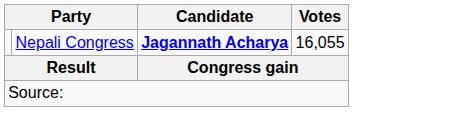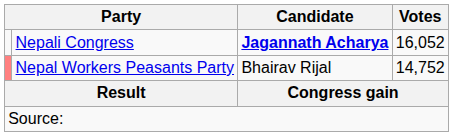 <table class="wikitable">
 <tr>
 <th colspan="2">Party</th>
 <th>Candidate</th>
 <th>Votes</th>
 </tr>
 <tr>
 <td style="background-color:"></td>
 <td><a href='#'>Nepali Congress</a></td>
 <td><strong><a href='#'>Jagannath Acharya</a></strong></td>
-<td>16,055</td>
+<td>16,052</td>
+</tr>
+<tr>
+<td style="background-color:#FF8080"></td>
+<td><a href='#'>Nepal Workers Peasants Party</a></td>
+<td>Bhairav Rijal</td>
+<td>14,752</td>
 </tr>
 <tr>
 <th colspan="2">Result</th>
 <th colspan="2">Congress gain</th>
 </tr>
 <tr>
 <td colspan="4">Source: </td>
 </tr>
 </table>
